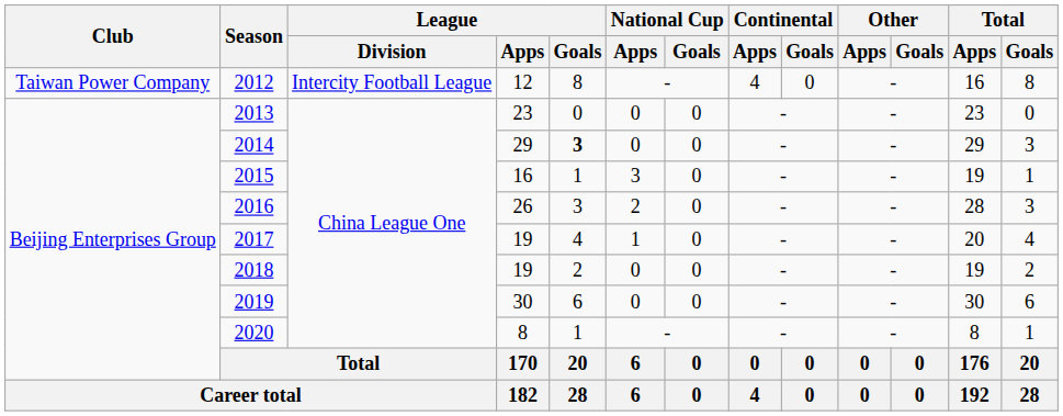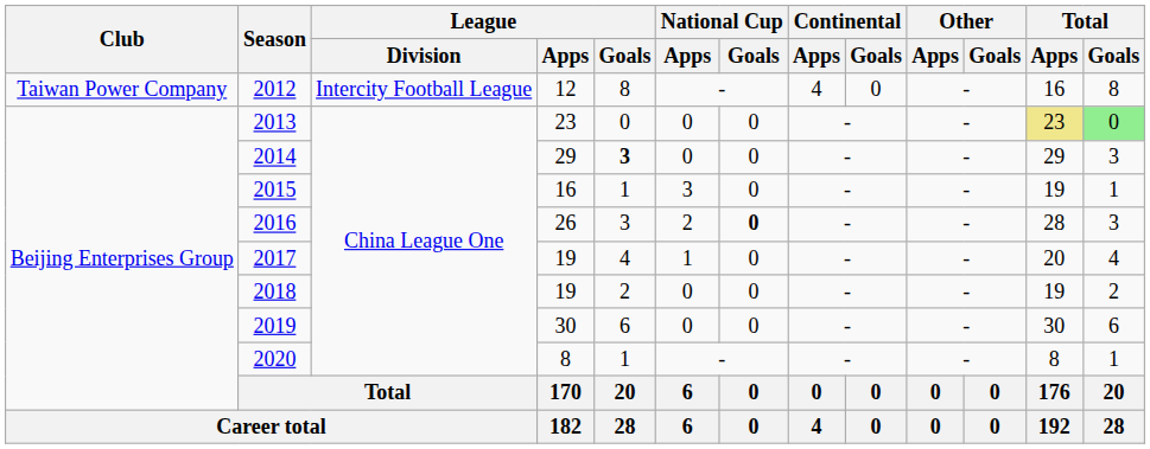 <table class="wikitable" style="text-align: center">
 <tr>
 <th rowspan="2">Club</th>
 <th rowspan="2">Season</th>
 <th colspan="3">League</th>
 <th colspan="2">National Cup</th>
 <th colspan="2">Continental</th>
 <th colspan="2">Other</th>
 <th colspan="2">Total</th>
 </tr>
 <tr>
 <th>Division</th>
 <th>Apps</th>
 <th>Goals</th>
 <th>Apps</th>
 <th>Goals</th>
 <th>Apps</th>
 <th>Goals</th>
 <th>Apps</th>
 <th>Goals</th>
 <th>Apps</th>
 <th>Goals</th>
 </tr>
 <tr>
 <td><a href='#'>Taiwan Power Company</a></td>
 <td><a href='#'>2012</a></td>
 <td><a href='#'>Intercity Football League</a></td>
 <td>12</td>
 <td>8</td>
 <td colspan="2">-</td>
 <td>4</td>
 <td>0</td>
 <td colspan="2">-</td>
 <td>16</td>
 <td>8</td>
 </tr>
 <tr>
 <td rowspan=9><a href='#'>Beijing Enterprises Group</a></td>
 <td><a href='#'>2013</a></td>
 <td rowspan=8><a href='#'>China League One</a></td>
 <td>23</td>
 <td>0</td>
 <td>0</td>
 <td>0</td>
 <td colspan="2">-</td>
 <td colspan="2">-</td>
-<td>23</td>
-<td>0</td>
+<td style="background: khaki;">23</td>
+<td style="background: lightgreen;">0</td>
 </tr>
 <tr>
 <td><a href='#'>2014</a></td>
 <td>29</td>
 <td><strong>3</strong></td>
 <td>0</td>
 <td>0</td>
 <td colspan="2">-</td>
 <td colspan="2">-</td>
 <td>29</td>
 <td>3</td>
 </tr>
 <tr>
 <td><a href='#'>2015</a></td>
 <td>16</td>
 <td>1</td>
 <td>3</td>
 <td>0</td>
 <td colspan="2">-</td>
 <td colspan="2">-</td>
 <td>19</td>
 <td>1</td>
 </tr>
 <tr>
 <td><a href='#'>2016</a></td>
 <td>26</td>
 <td>3</td>
 <td>2</td>
-<td>0</td>
+<td><strong>0</strong></td>
 <td colspan="2">-</td>
 <td colspan="2">-</td>
 <td>28</td>
 <td>3</td>
 </tr>
 <tr>
 <td><a href='#'>2017</a></td>
 <td>19</td>
 <td>4</td>
 <td>1</td>
 <td>0</td>
 <td colspan="2">-</td>
 <td colspan="2">-</td>
 <td>20</td>
 <td>4</td>
 </tr>
 <tr>
 <td><a href='#'>2018</a></td>
 <td>19</td>
 <td>2</td>
 <td>0</td>
 <td>0</td>
 <td colspan="2">-</td>
 <td colspan="2">-</td>
 <td>19</td>
 <td>2</td>
 </tr>
 <tr>
 <td><a href='#'>2019</a></td>
 <td>30</td>
 <td>6</td>
 <td>0</td>
 <td>0</td>
 <td colspan="2">-</td>
 <td colspan="2">-</td>
 <td>30</td>
 <td>6</td>
 </tr>
 <tr>
 <td><a href='#'>2020</a></td>
 <td>8</td>
 <td>1</td>
 <td colspan="2">-</td>
 <td colspan="2">-</td>
 <td colspan="2">-</td>
 <td>8</td>
 <td>1</td>
 </tr>
 <tr>
 <th colspan="2">Total</th>
 <th>170</th>
 <th>20</th>
 <th>6</th>
 <th>0</th>
 <th>0</th>
 <th>0</th>
 <th>0</th>
 <th>0</th>
 <th>176</th>
 <th>20</th>
 </tr>
 <tr>
 <th colspan=3>Career total</th>
 <th>182</th>
 <th>28</th>
 <th>6</th>
 <th>0</th>
 <th>4</th>
 <th>0</th>
 <th>0</th>
 <th>0</th>
 <th>192</th>
 <th>28</th>
 </tr>
 </table>
